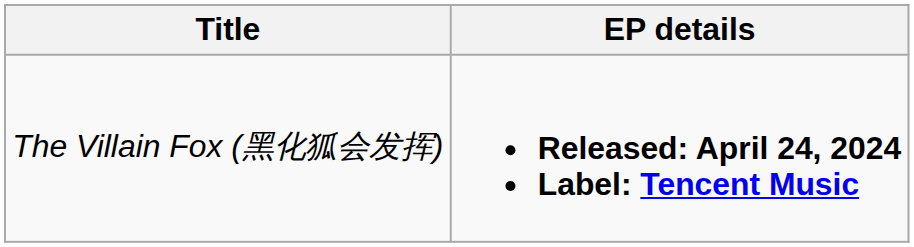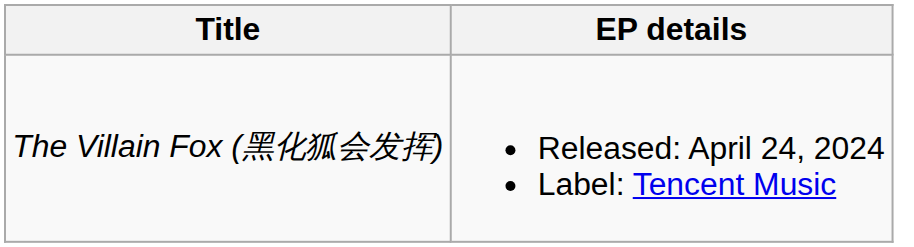 <table class="wikitable">
 <tr>
 <th>Title</th>
 <th>EP details</th>
 </tr>
 <tr>
 <td><em>The Villain Fox (黑化狐会发挥)</em></td>
-<td><strong><br><ul><li>Released: April 24, 2024</li><li>Label: <a href='#'>Tencent Music</a></li></ul></strong></td>
+<td><br><ul><li>Released: April 24, 2024</li><li>Label: <a href='#'>Tencent Music</a></li></ul></td>
 </tr>
 </table>
